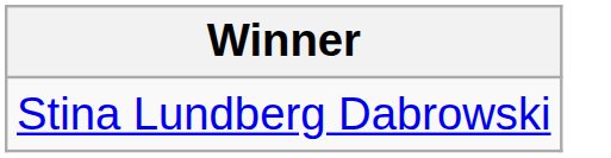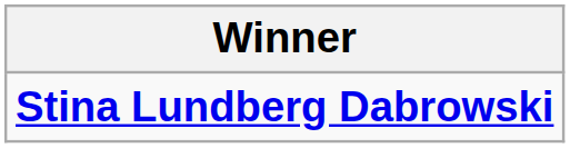 <table class="wikitable">
 <tr>
 <th>Winner</th>
 </tr>
 <tr>
-<td><a href='#'>Stina Lundberg Dabrowski</a></td>
+<td><strong><a href='#'>Stina Lundberg Dabrowski</a></strong></td>
 </tr>
 </table>
